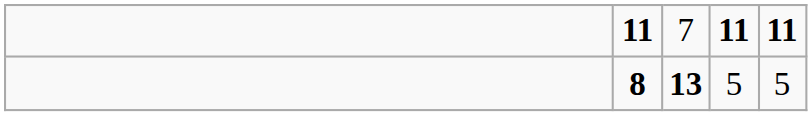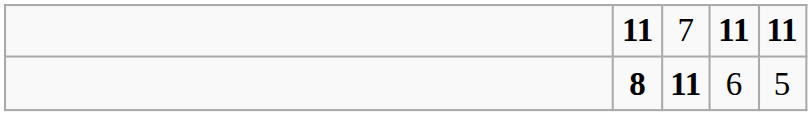 <table class="wikitable">
 <tr>
 <td style="width:18em"></td>
 <td align=center style="width:1em"><strong>11</strong></td>
 <td align=center style="width:1em">7</td>
 <td align=center style="width:1em"><strong>11</strong></td>
 <td align=center style="width:1em"><strong>11</strong></td>
 </tr>
 <tr>
 <td style="width:18em"></td>
 <td align=center style="width:1em"><strong>8</strong></td>
-<td align=center style="width:1em"><strong>13</strong></td>
-<td align=center style="width:1em">5</td>
+<td align=center style="width:1em"><strong>11</strong></td>
+<td align=center style="width:1em">6</td>
 <td align=center style="width:1em">5</td>
 </tr>
 </table>
